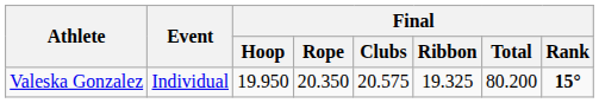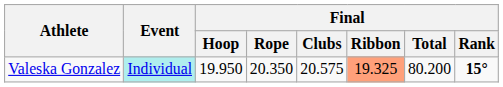 <table class="wikitable" style="font-size:90%">
 <tr>
 <th rowspan="2">Athlete</th>
 <th rowspan="2">Event</th>
 <th colspan="6">Final</th>
 </tr>
 <tr>
 <th>Hoop</th>
 <th>Rope</th>
 <th>Clubs</th>
 <th>Ribbon</th>
 <th>Total</th>
 <th>Rank</th>
 </tr>
 <tr>
 <td><a href='#'>Valeska Gonzalez</a></td>
-<td><a href='#'>Individual</a></td>
+<td style="background: paleturquoise;"><a href='#'>Individual</a></td>
 <td align=center>19.950</td>
 <td align=center>20.350</td>
 <td align=center>20.575</td>
-<td align=center>19.325</td>
+<td align=center style="background: lightsalmon;">19.325</td>
 <td align=center>80.200</td>
 <td align=center><strong>15°</strong></td>
 </tr>
 </table>
